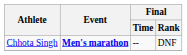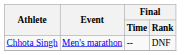 <table class="wikitable"  style="font-size:90%">
 <tr>
 <th rowspan="2">Athlete</th>
 <th rowspan="2">Event</th>
 <th colspan="2">Final</th>
 </tr>
 <tr>
 <th>Time</th>
 <th>Rank</th>
 </tr>
 <tr>
 <td><a href='#'>Chhota Singh</a></td>
-<td><strong><a href='#'>Men's marathon</a></strong></td>
+<td><a href='#'>Men's marathon</a></td>
 <td>--</td>
 <td>DNF</td>
 </tr>
 <tr>
 </tr>
 </table>
